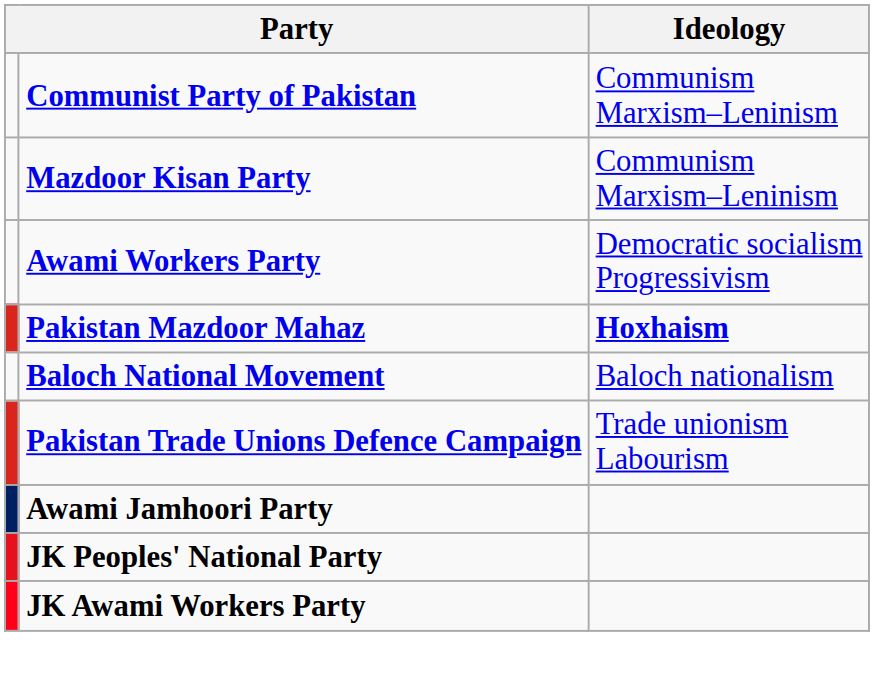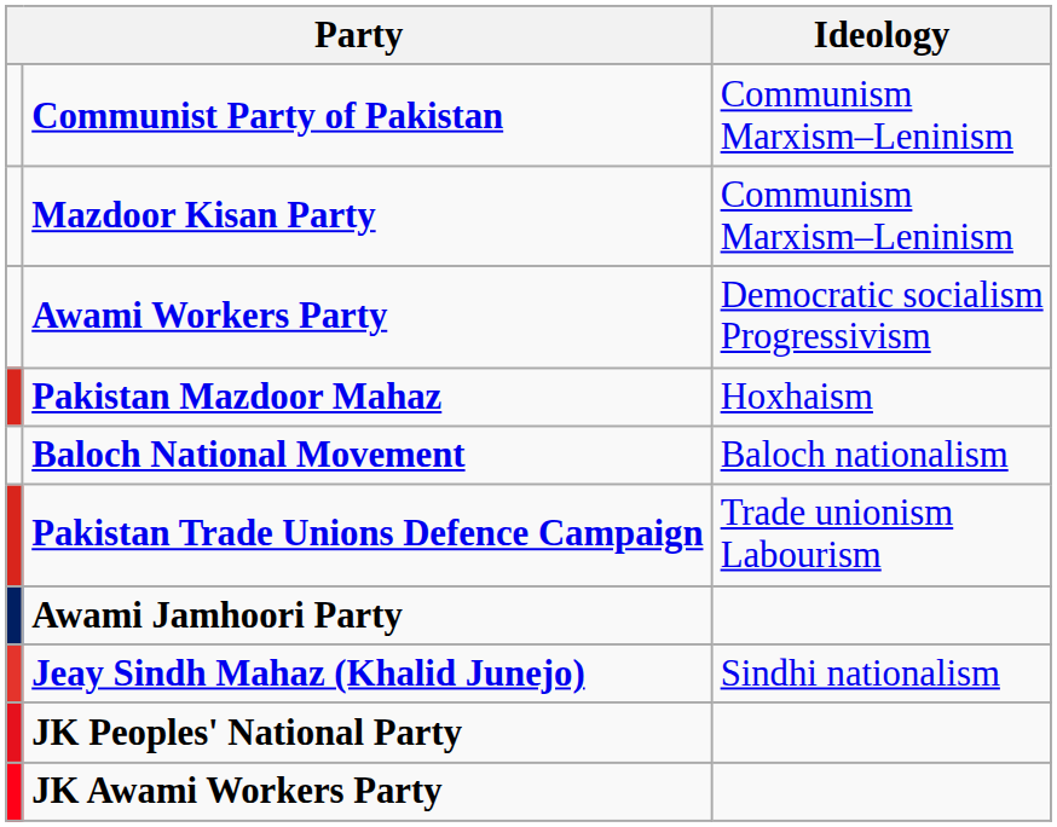 <table class="wikitable" style="text-align:left;">
 <tr>
 <th colspan="2">Party</th>
 <th>Ideology</th>
 </tr>
 <tr>
 <td style="background:"></td>
 <td><strong><a href='#'>Communist Party of Pakistan</a></strong></td>
 <td><a href='#'>Communism</a><br><a href='#'>Marxism–Leninism</a></td>
 </tr>
 <tr>
 <td style="background:"></td>
 <td><strong><a href='#'>Mazdoor Kisan Party</a></strong></td>
 <td><a href='#'>Communism</a><br><a href='#'>Marxism–Leninism</a></td>
 </tr>
 <tr>
 <td style="background:"></td>
 <td><strong><a href='#'>Awami Workers Party</a></strong></td>
 <td><a href='#'>Democratic socialism</a><br><a href='#'>Progressivism</a></td>
 </tr>
 <tr>
 <td style="background:#DA251C;"></td>
 <td><strong><a href='#'>Pakistan Mazdoor Mahaz</a></strong></td>
-<td><strong><a href='#'>Hoxhaism</a></strong></td>
+<td><a href='#'>Hoxhaism</a></td>
 </tr>
 <tr>
 <td style="background:"></td>
 <td><strong><a href='#'>Baloch National Movement</a></strong></td>
 <td><a href='#'>Baloch nationalism</a></td>
 </tr>
 <tr>
 <td style="background:#D9251C;"></td>
 <td><strong><a href='#'>Pakistan Trade Unions Defence Campaign</a></strong></td>
 <td><a href='#'>Trade unionism</a><br><a href='#'>Labourism</a></td>
 </tr>
 <tr>
 <td style="background:#001F62;"></td>
 <td><strong>Awami Jamhoori Party</strong></td>
 <td></td>
 </tr>
 <tr>
+<td style="background:#E4342C;"></td>
+<td><strong><a href='#'>Jeay Sindh Mahaz (Khalid Junejo)</a></strong></td>
+<td><a href='#'>Sindhi nationalism</a></td>
+</tr>
+<tr>
 <td style="background:#E6111D;"></td>
 <td><strong>JK Peoples' National Party</strong></td>
 <td></td>
 </tr>
 <tr>
 <td style="background:#FF0018;"></td>
 <td><strong>JK Awami Workers Party</strong></td>
 <td></td>
 </tr>
 </table>
